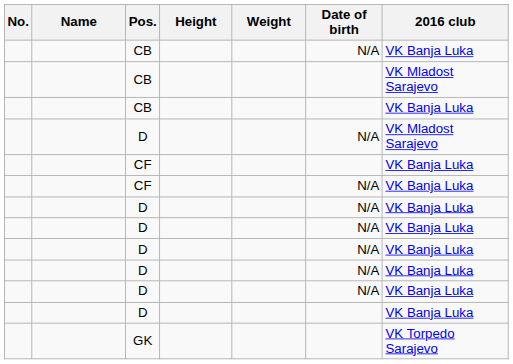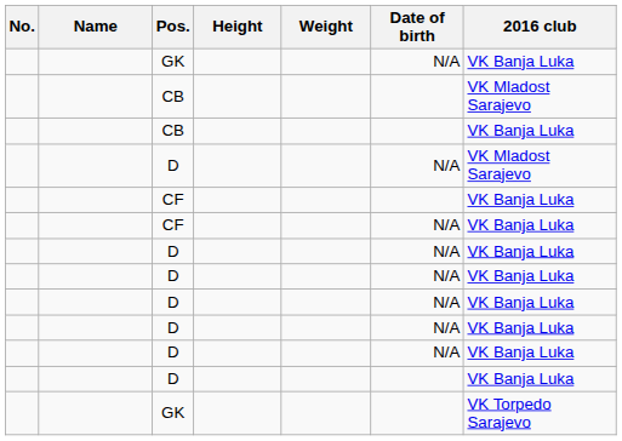 <table class="wikitable sortable" style="text-align:center;">
 <tr>
 <th>No.</th>
 <th style="width:15em">Name</th>
 <th>Pos.</th>
 <th style="width:9em">Height</th>
 <th style="width:9em">Weight</th>
 <th style="width:12em">Date of birth</th>
 <th style="width:20em">2016 club</th>
 </tr>
 <tr>
 <td></td>
 <td style="text-align:left;"></td>
-<td>CB</td>
+<td>GK</td>
 <td></td>
 <td></td>
 <td style="text-align:right;">N/A</td>
 <td style="text-align:left;"> <a href='#'>VK Banja Luka</a></td>
 </tr>
 <tr>
 <td></td>
 <td style="text-align:left;"></td>
 <td>CB</td>
 <td></td>
 <td></td>
 <td style="text-align:right;"></td>
 <td style="text-align:left;"> <a href='#'>VK Mladost Sarajevo</a></td>
 </tr>
 <tr>
 <td></td>
 <td style="text-align:left;"></td>
 <td>CB</td>
 <td></td>
 <td></td>
 <td style="text-align:right;"></td>
 <td style="text-align:left;"> <a href='#'>VK Banja Luka</a></td>
 </tr>
 <tr>
 <td></td>
 <td style="text-align:left;"></td>
 <td>D</td>
 <td></td>
 <td></td>
 <td style="text-align:right;">N/A</td>
 <td style="text-align:left;"> <a href='#'>VK Mladost Sarajevo</a></td>
 </tr>
 <tr>
 <td></td>
 <td style="text-align:left;"></td>
 <td>CF</td>
 <td></td>
 <td></td>
 <td style="text-align:right;"></td>
 <td style="text-align:left;"> <a href='#'>VK Banja Luka</a></td>
 </tr>
 <tr>
 <td></td>
 <td style="text-align:left;"></td>
 <td>CF</td>
 <td></td>
 <td></td>
 <td style="text-align:right;">N/A</td>
 <td style="text-align:left;"> <a href='#'>VK Banja Luka</a></td>
 </tr>
 <tr>
 <td></td>
 <td style="text-align:left;"></td>
 <td>D</td>
 <td></td>
 <td></td>
 <td style="text-align:right;">N/A</td>
 <td style="text-align:left;"> <a href='#'>VK Banja Luka</a></td>
 </tr>
 <tr>
 <td></td>
 <td style="text-align:left;"></td>
 <td>D</td>
 <td></td>
 <td></td>
 <td style="text-align:right;">N/A</td>
 <td style="text-align:left;"> <a href='#'>VK Banja Luka</a></td>
 </tr>
 <tr>
 <td></td>
 <td style="text-align:left;"></td>
 <td>D</td>
 <td></td>
 <td></td>
 <td style="text-align:right;">N/A</td>
 <td style="text-align:left;"> <a href='#'>VK Banja Luka</a></td>
 </tr>
 <tr>
 <td></td>
 <td style="text-align:left;"></td>
 <td>D</td>
 <td></td>
 <td></td>
 <td style="text-align:right;">N/A</td>
 <td style="text-align:left;"> <a href='#'>VK Banja Luka</a></td>
 </tr>
 <tr>
 <td></td>
 <td style="text-align:left;"></td>
 <td>D</td>
 <td></td>
 <td></td>
 <td style="text-align:right;">N/A</td>
 <td style="text-align:left;"> <a href='#'>VK Banja Luka</a></td>
 </tr>
 <tr>
 <td></td>
 <td style="text-align:left;"></td>
 <td>D</td>
 <td></td>
 <td></td>
 <td style="text-align:right;"></td>
 <td style="text-align:left;"> <a href='#'>VK Banja Luka</a></td>
 </tr>
 <tr>
 <td></td>
 <td style="text-align:left;"></td>
 <td>GK</td>
 <td></td>
 <td></td>
 <td style="text-align:right;"></td>
 <td style="text-align:left;"> <a href='#'>VK Torpedo Sarajevo</a></td>
 </tr>
 </table>
